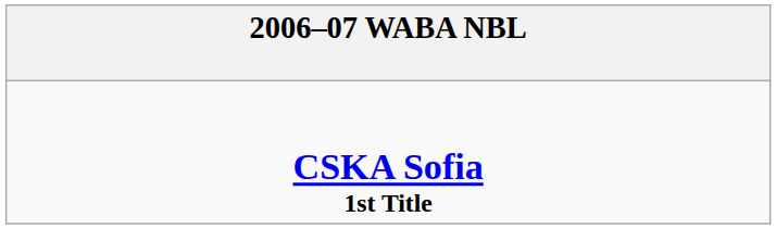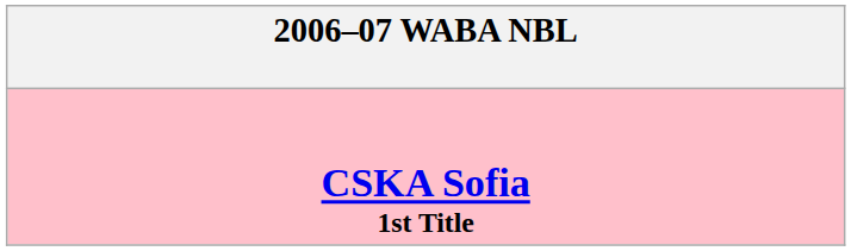 <table class="wikitable" style="margin: 0 auto; width: 30%;">
 <tr>
 <th><big>2006–07 WABA NBL</big><br><br></th>
 </tr>
 <tr>
-<td align=center><br><br><big><big><strong><a href='#'>CSKA Sofia</a></strong><br></big></big><strong>1st Title</strong></td>
+<td align=center style="background: pink;"><br><br><big><big><strong><a href='#'>CSKA Sofia</a></strong><br></big></big><strong>1st Title</strong></td>
 </tr>
 </table>
